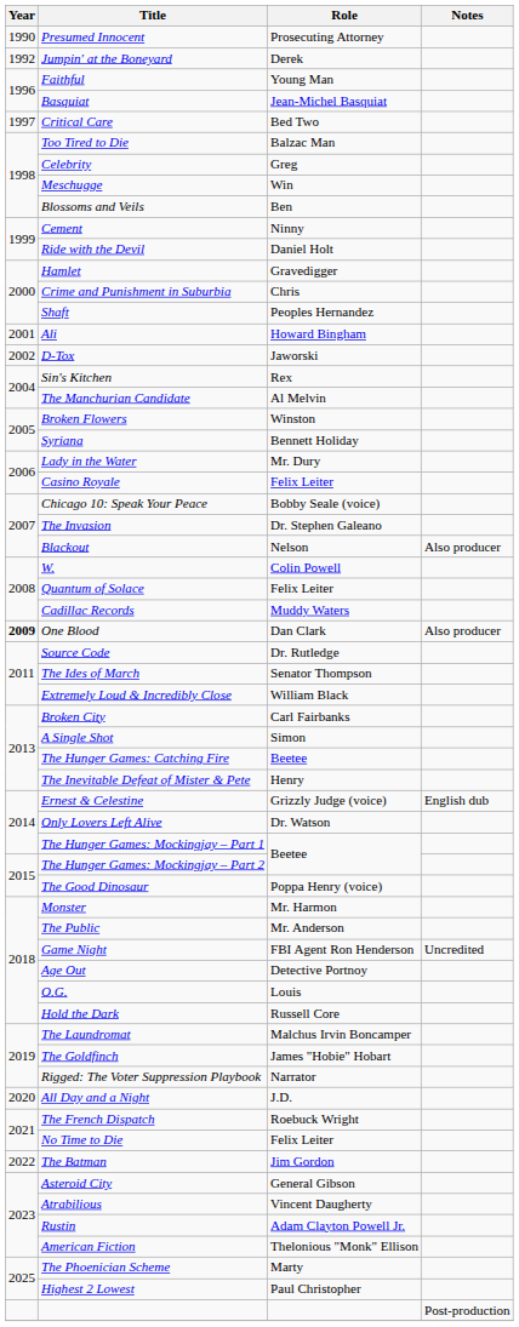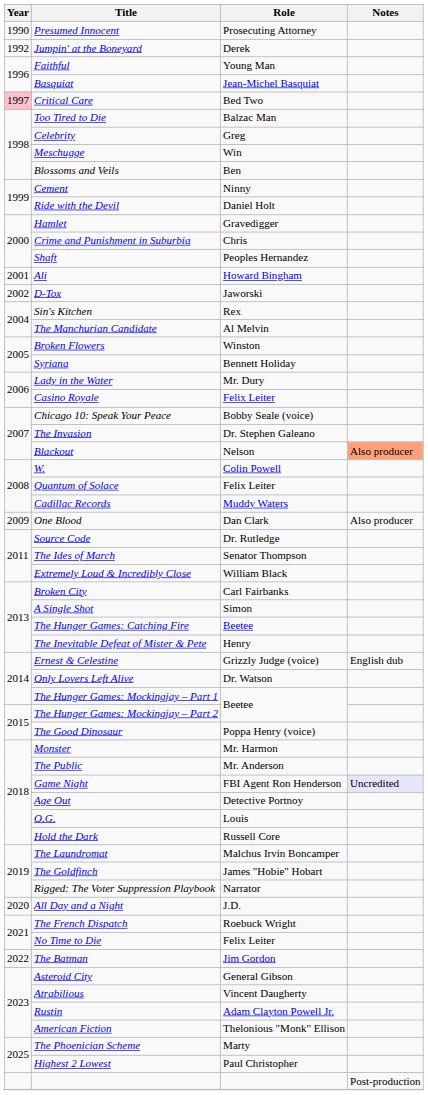 <table class="wikitable sortable">
 <tr>
 <th>Year</th>
 <th>Title</th>
 <th>Role</th>
 <th>Notes</th>
 </tr>
 <tr>
 <td>1990</td>
 <td><em><a href='#'>Presumed Innocent</a></em></td>
 <td>Prosecuting Attorney</td>
 <td></td>
 </tr>
 <tr>
 <td>1992</td>
 <td><em><a href='#'>Jumpin' at the Boneyard</a></em></td>
 <td>Derek</td>
 <td></td>
 </tr>
 <tr>
 <td rowspan="2">1996</td>
 <td><em><a href='#'>Faithful</a></em></td>
 <td>Young Man</td>
 <td></td>
 </tr>
 <tr>
 <td><em><a href='#'>Basquiat</a></em></td>
 <td><a href='#'>Jean-Michel Basquiat</a></td>
 <td></td>
 </tr>
 <tr>
-<td>1997</td>
+<td style="background: pink;">1997</td>
 <td><em><a href='#'>Critical Care</a></em></td>
 <td>Bed Two</td>
 <td></td>
 </tr>
 <tr>
 <td rowspan="4">1998</td>
 <td><em><a href='#'>Too Tired to Die</a></em></td>
 <td>Balzac Man</td>
 <td></td>
 </tr>
 <tr>
 <td><em><a href='#'>Celebrity</a></em></td>
 <td>Greg</td>
 <td></td>
 </tr>
 <tr>
 <td><em><a href='#'>Meschugge</a></em></td>
 <td>Win</td>
 <td></td>
 </tr>
 <tr>
 <td><em>Blossoms and Veils</em></td>
 <td>Ben</td>
 <td></td>
 </tr>
 <tr>
 <td rowspan="2">1999</td>
 <td><em><a href='#'>Cement</a></em></td>
 <td>Ninny</td>
 <td></td>
 </tr>
 <tr>
 <td><em><a href='#'>Ride with the Devil</a></em></td>
 <td>Daniel Holt</td>
 <td></td>
 </tr>
 <tr>
 <td rowspan="3">2000</td>
 <td><em><a href='#'>Hamlet</a></em></td>
 <td>Gravedigger</td>
 <td></td>
 </tr>
 <tr>
 <td><em><a href='#'>Crime and Punishment in Suburbia</a></em></td>
 <td>Chris</td>
 <td></td>
 </tr>
 <tr>
 <td><em><a href='#'>Shaft</a></em></td>
 <td>Peoples Hernandez</td>
 <td></td>
 </tr>
 <tr>
 <td>2001</td>
 <td><em><a href='#'>Ali</a></em></td>
 <td><a href='#'>Howard Bingham</a></td>
 <td></td>
 </tr>
 <tr>
 <td>2002</td>
 <td><em><a href='#'>D-Tox</a></em></td>
 <td>Jaworski</td>
 <td></td>
 </tr>
 <tr>
 <td rowspan="2">2004</td>
 <td><em>Sin's Kitchen</em></td>
 <td>Rex</td>
 <td></td>
 </tr>
 <tr>
 <td><em><a href='#'>The Manchurian Candidate</a></em></td>
 <td>Al Melvin</td>
 <td></td>
 </tr>
 <tr>
 <td rowspan="2">2005</td>
 <td><em><a href='#'>Broken Flowers</a></em></td>
 <td>Winston</td>
 <td></td>
 </tr>
 <tr>
 <td><em><a href='#'>Syriana</a></em></td>
 <td>Bennett Holiday</td>
 <td></td>
 </tr>
 <tr>
 <td rowspan="2">2006</td>
 <td><em><a href='#'>Lady in the Water</a></em></td>
 <td>Mr. Dury</td>
 <td></td>
 </tr>
 <tr>
 <td><em><a href='#'>Casino Royale</a></em></td>
 <td><a href='#'>Felix Leiter</a></td>
 <td></td>
 </tr>
 <tr>
 <td rowspan="3">2007</td>
 <td><em>Chicago 10: Speak Your Peace</em></td>
 <td>Bobby Seale (voice)</td>
 <td></td>
 </tr>
 <tr>
 <td><em><a href='#'>The Invasion</a></em></td>
 <td>Dr. Stephen Galeano</td>
 <td></td>
 </tr>
 <tr>
 <td><em><a href='#'>Blackout</a></em></td>
 <td>Nelson</td>
-<td>Also producer</td>
+<td style="background: lightsalmon;">Also producer</td>
 </tr>
 <tr>
 <td rowspan="3">2008</td>
 <td><em><a href='#'>W.</a></em></td>
 <td><a href='#'>Colin Powell</a></td>
 <td></td>
 </tr>
 <tr>
 <td><em><a href='#'>Quantum of Solace</a></em></td>
 <td>Felix Leiter</td>
 <td></td>
 </tr>
 <tr>
 <td><em><a href='#'>Cadillac Records</a></em></td>
 <td><a href='#'>Muddy Waters</a></td>
 <td></td>
 </tr>
 <tr>
-<td><strong>2009</strong></td>
+<td>2009</td>
 <td><em>One Blood</em></td>
 <td>Dan Clark</td>
 <td>Also producer</td>
 </tr>
 <tr>
 <td rowspan="3">2011</td>
 <td><em><a href='#'>Source Code</a></em></td>
 <td>Dr. Rutledge</td>
 <td></td>
 </tr>
 <tr>
 <td><em><a href='#'>The Ides of March</a></em></td>
 <td>Senator Thompson</td>
 <td></td>
 </tr>
 <tr>
 <td><em><a href='#'>Extremely Loud & Incredibly Close</a></em></td>
 <td>William Black</td>
 <td></td>
 </tr>
 <tr>
 <td rowspan="4">2013</td>
 <td><em><a href='#'>Broken City</a></em></td>
 <td>Carl Fairbanks</td>
 <td></td>
 </tr>
 <tr>
 <td><em><a href='#'>A Single Shot</a></em></td>
 <td>Simon</td>
 <td></td>
 </tr>
 <tr>
 <td><em><a href='#'>The Hunger Games: Catching Fire</a></em></td>
 <td><a href='#'>Beetee</a></td>
 <td></td>
 </tr>
 <tr>
 <td><em><a href='#'>The Inevitable Defeat of Mister & Pete</a></em></td>
 <td>Henry</td>
 <td></td>
 </tr>
 <tr>
 <td rowspan="3">2014</td>
 <td><em><a href='#'>Ernest & Celestine</a></em></td>
 <td>Grizzly Judge (voice)</td>
 <td>English dub</td>
 </tr>
 <tr>
 <td><em><a href='#'>Only Lovers Left Alive</a></em></td>
 <td>Dr. Watson</td>
 <td></td>
 </tr>
 <tr>
 <td><em><a href='#'>The Hunger Games: Mockingjay – Part 1</a></em></td>
 <td rowspan=2>Beetee</td>
 <td></td>
 </tr>
 <tr>
 <td rowspan="2">2015</td>
 <td><em><a href='#'>The Hunger Games: Mockingjay – Part 2</a></em></td>
 <td></td>
 </tr>
 <tr>
 <td><em><a href='#'>The Good Dinosaur</a></em></td>
 <td>Poppa Henry (voice)</td>
 <td></td>
 </tr>
 <tr>
 <td rowspan="6">2018</td>
 <td><em><a href='#'>Monster</a></em></td>
 <td>Mr. Harmon</td>
 <td></td>
 </tr>
 <tr>
 <td><em><a href='#'>The Public</a></em></td>
 <td>Mr. Anderson</td>
 <td></td>
 </tr>
 <tr>
 <td><em><a href='#'>Game Night</a></em></td>
 <td>FBI Agent Ron Henderson</td>
-<td>Uncredited</td>
+<td style="background: lavender;">Uncredited</td>
 </tr>
 <tr>
 <td><em><a href='#'>Age Out</a></em></td>
 <td>Detective Portnoy</td>
 <td></td>
 </tr>
 <tr>
 <td><em><a href='#'>O.G.</a></em></td>
 <td>Louis</td>
 <td></td>
 </tr>
 <tr>
 <td><em><a href='#'>Hold the Dark</a></em></td>
 <td>Russell Core</td>
 <td></td>
 </tr>
 <tr>
 <td rowspan="3">2019</td>
 <td><em><a href='#'>The Laundromat</a></em></td>
 <td>Malchus Irvin Boncamper</td>
 <td></td>
 </tr>
 <tr>
 <td><em><a href='#'>The Goldfinch</a></em></td>
 <td>James "Hobie" Hobart</td>
 <td></td>
 </tr>
 <tr>
 <td><em>Rigged: The Voter Suppression Playbook</em></td>
 <td>Narrator</td>
 <td></td>
 </tr>
 <tr>
 <td>2020</td>
 <td><em><a href='#'>All Day and a Night</a></em></td>
 <td>J.D.</td>
 <td></td>
 </tr>
 <tr>
 <td rowspan="2">2021</td>
 <td><em><a href='#'>The French Dispatch</a></em></td>
 <td>Roebuck Wright</td>
 <td></td>
 </tr>
 <tr>
 <td><em><a href='#'>No Time to Die</a></em></td>
 <td>Felix Leiter</td>
 <td></td>
 </tr>
 <tr>
 <td>2022</td>
 <td><em><a href='#'>The Batman</a></em></td>
 <td><a href='#'>Jim Gordon</a></td>
 <td></td>
 </tr>
 <tr>
 <td rowspan=4>2023</td>
 <td><em><a href='#'>Asteroid City</a></em></td>
 <td>General Gibson</td>
 <td></td>
 </tr>
 <tr>
 <td><em><a href='#'>Atrabilious</a></em></td>
 <td>Vincent Daugherty</td>
 <td></td>
 </tr>
 <tr>
 <td><em><a href='#'>Rustin</a></em></td>
 <td><a href='#'>Adam Clayton Powell Jr.</a></td>
 <td></td>
 </tr>
 <tr>
 <td><em><a href='#'>American Fiction</a></em></td>
 <td>Thelonious "Monk" Ellison</td>
 <td></td>
 </tr>
 <tr>
 <td rowspan="2">2025</td>
 <td><em><a href='#'>The Phoenician Scheme</a></em></td>
 <td>Marty</td>
 <td></td>
 </tr>
 <tr>
 <td><em><a href='#'>Highest 2 Lowest</a></em></td>
 <td>Paul Christopher</td>
 <td></td>
 </tr>
 <tr>
 <td></td>
 <td></td>
 <td></td>
 <td>Post-production</td>
 </tr>
 <tr>
 </tr>
 </table>
